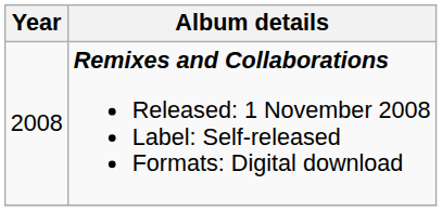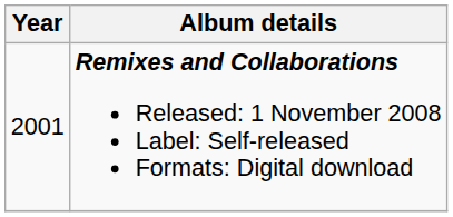 <table class="wikitable" border="1">
 <tr>
 <th>Year</th>
 <th>Album details</th>
 </tr>
 <tr>
-<td>2008</td>
+<td>2001</td>
 <td><strong><em>Remixes and Collaborations</em></strong><br><ul><li>Released: 1 November 2008</li><li>Label: Self-released</li><li>Formats: Digital download</li></ul></td>
 </tr>
 <tr>
 </tr>
 </table>
